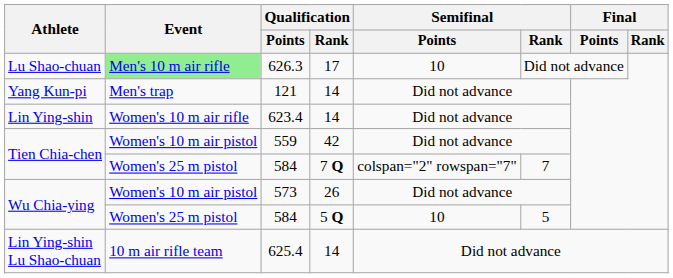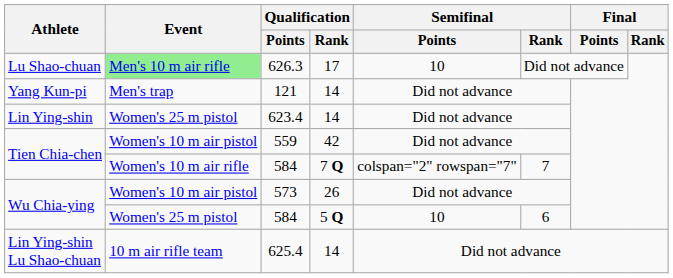 <table class="wikitable" style="font-size:90%; text-align:center">
 <tr>
 <th rowspan="2">Athlete</th>
 <th rowspan="2">Event</th>
 <th colspan="2">Qualification</th>
 <th colspan="2">Semifinal</th>
 <th colspan="2">Final</th>
 </tr>
 <tr style="font-size:95%">
 <th>Points</th>
 <th>Rank</th>
 <th>Points</th>
 <th>Rank</th>
 <th>Points</th>
 <th>Rank</th>
 </tr>
 <tr>
 <td align="left"><a href='#'>Lu Shao-chuan</a></td>
 <td align="left" style="background: lightgreen;"><a href='#'>Men's 10 m air rifle</a></td>
 <td>626.3</td>
 <td>17</td>
 <td>10</td>
 <td colspan="2">Did not advance</td>
 </tr>
 <tr>
 <td align="left"><a href='#'>Yang Kun-pi</a></td>
 <td align="left"><a href='#'>Men's trap</a></td>
 <td>121</td>
 <td>14</td>
 <td colspan="2">Did not advance</td>
 </tr>
 <tr>
 <td align="left"><a href='#'>Lin Ying-shin</a></td>
-<td align="left"><a href='#'>Women's 10 m air rifle</a></td>
+<td align="left"><a href='#'>Women's 25 m pistol</a></td>
 <td>623.4</td>
 <td>14</td>
 <td colspan="2">Did not advance</td>
 </tr>
 <tr>
 <td align="left" rowspan="2"><a href='#'>Tien Chia-chen</a></td>
 <td align="left"><a href='#'>Women's 10 m air pistol</a></td>
 <td>559</td>
 <td>42</td>
 <td colspan="2">Did not advance</td>
 </tr>
 <tr>
-<td align="left"><a href='#'>Women's 25 m pistol</a></td>
+<td align="left"><a href='#'>Women's 10 m air rifle</a></td>
 <td>584</td>
 <td>7 <strong>Q</strong></td>
 <td>colspan="2" rowspan="7" </td>
 <td>7</td>
 </tr>
 <tr>
 <td align="left" rowspan="2"><a href='#'>Wu Chia-ying</a></td>
 <td align="left"><a href='#'>Women's 10 m air pistol</a></td>
 <td>573</td>
 <td>26</td>
 <td colspan="2">Did not advance</td>
 </tr>
 <tr>
 <td align="left"><a href='#'>Women's 25 m pistol</a></td>
 <td>584</td>
 <td>5 <strong>Q</strong></td>
 <td>10</td>
-<td>5</td>
+<td>6</td>
 </tr>
 <tr>
 <td align="left"><a href='#'>Lin Ying-shin</a><br><a href='#'>Lu Shao-chuan</a></td>
 <td align="left"><a href='#'>10 m air rifle team</a></td>
 <td>625.4</td>
 <td>14</td>
 <td colspan="4">Did not advance</td>
 </tr>
 </table>
